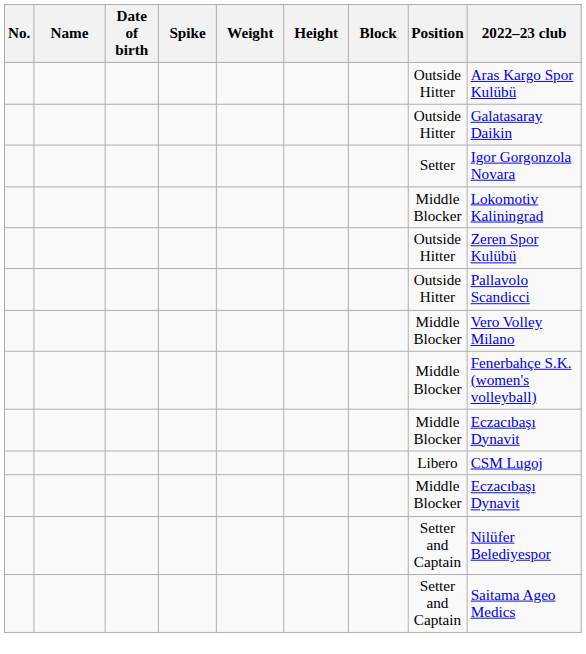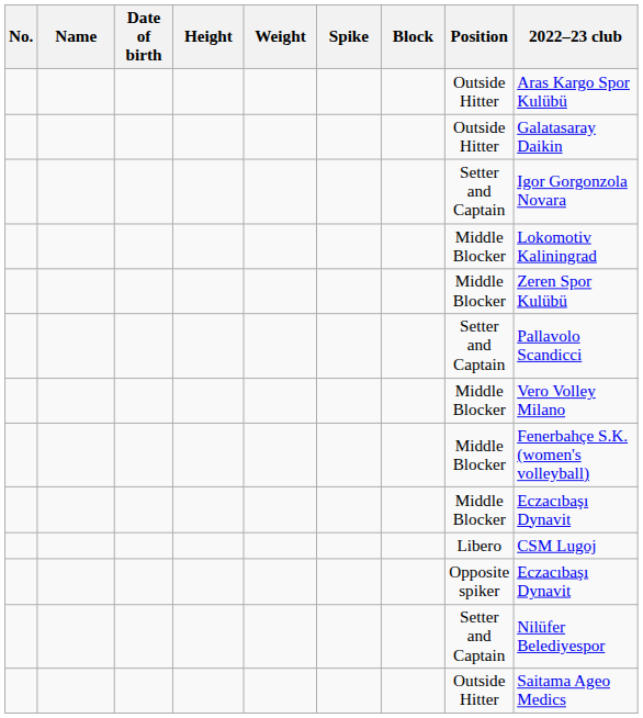 <table class="wikitable sortable" style="font-size:100%; text-align:center;">
 <tr>
 <th>No.</th>
 <th style="width:14em">Name</th>
 <th style="width:8em">Date of birth</th>
+<th style="width:9em">Height</th>
+<th style="width:9em">Weight</th>
 <th style="width:9em">Spike</th>
-<th style="width:9em">Weight</th>
-<th style="width:9em">Height</th>
 <th style="width:9em">Block</th>
 <th>Position</th>
 <th style="width:17em">2022–23 club</th>
 </tr>
 <tr>
 <td></td>
 <td align=left></td>
 <td align=right></td>
 <td></td>
 <td></td>
 <td></td>
 <td></td>
 <td>Outside Hitter</td>
 <td align="left"> <a href='#'>Aras Kargo Spor Kulübü</a></td>
 </tr>
 <tr>
 <td></td>
 <td align=left></td>
 <td align=right></td>
 <td></td>
 <td></td>
 <td></td>
 <td></td>
 <td>Outside Hitter</td>
 <td align="left"> <a href='#'>Galatasaray Daikin</a></td>
 </tr>
 <tr>
 <td></td>
 <td align=left></td>
 <td align=right></td>
 <td></td>
 <td></td>
 <td></td>
 <td></td>
-<td>Setter</td>
+<td>Setter and Captain</td>
 <td align="left"> <a href='#'>Igor Gorgonzola Novara</a></td>
 </tr>
 <tr>
 <td></td>
 <td align=left></td>
 <td align=right></td>
 <td></td>
 <td></td>
 <td></td>
 <td></td>
 <td>Middle Blocker</td>
 <td align="left"> <a href='#'>Lokomotiv Kaliningrad</a></td>
 </tr>
 <tr>
 <td></td>
 <td align=left></td>
 <td align=right></td>
 <td></td>
 <td></td>
 <td></td>
 <td></td>
-<td>Outside Hitter</td>
+<td>Middle Blocker</td>
 <td align="left"> <a href='#'>Zeren Spor Kulübü</a></td>
 </tr>
 <tr>
 <td></td>
 <td align=left></td>
 <td align=right></td>
 <td></td>
 <td></td>
 <td></td>
 <td></td>
-<td>Outside Hitter</td>
+<td>Setter and Captain</td>
 <td align="left"> <a href='#'>Pallavolo Scandicci</a></td>
 </tr>
 <tr>
 <td></td>
 <td align=left></td>
 <td align=right></td>
 <td></td>
 <td></td>
 <td></td>
 <td></td>
 <td>Middle Blocker</td>
 <td align="left"> <a href='#'>Vero Volley Milano</a></td>
 </tr>
 <tr>
 <td></td>
 <td align=left></td>
 <td align=right></td>
 <td></td>
 <td></td>
 <td></td>
 <td></td>
 <td>Middle Blocker</td>
 <td align="left"> <a href='#'>Fenerbahçe S.K. (women's volleyball)</a></td>
 </tr>
 <tr>
 <td></td>
 <td align=left></td>
 <td align=right></td>
 <td></td>
 <td></td>
 <td></td>
 <td></td>
 <td>Middle Blocker</td>
 <td align="left"> <a href='#'>Eczacıbaşı Dynavit</a></td>
 </tr>
 <tr>
 <td></td>
 <td align=left></td>
 <td align=right></td>
 <td></td>
 <td></td>
 <td></td>
 <td></td>
 <td>Libero</td>
 <td align="left"> <a href='#'>CSM Lugoj</a></td>
 </tr>
 <tr>
 <td></td>
 <td align=left></td>
 <td align=right></td>
 <td></td>
 <td></td>
 <td></td>
 <td></td>
-<td>Middle Blocker</td>
+<td>Opposite spiker</td>
 <td align="left"> <a href='#'>Eczacıbaşı Dynavit</a></td>
 </tr>
 <tr>
 <td></td>
 <td align=left></td>
 <td align=right></td>
 <td></td>
 <td></td>
 <td></td>
 <td></td>
 <td>Setter and Captain</td>
 <td align="left"> <a href='#'>Nilüfer Belediyespor</a></td>
 </tr>
 <tr>
 <td></td>
 <td align=left></td>
 <td align=right></td>
 <td></td>
 <td></td>
 <td></td>
 <td></td>
-<td>Setter and Captain</td>
+<td>Outside Hitter</td>
 <td align="left"> <a href='#'>Saitama Ageo Medics</a></td>
 </tr>
 </table>
